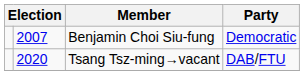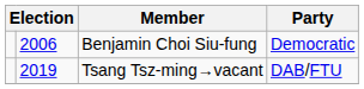 <table class="wikitable">
 <tr>
 <th colspan="2">Election</th>
 <th>Member</th>
 <th>Party</th>
 </tr>
 <tr>
 <td style="background-color: "></td>
-<td><a href='#'>2007</a></td>
+<td><a href='#'>2006</a></td>
 <td>Benjamin Choi Siu-fung</td>
 <td><a href='#'>Democratic</a></td>
 </tr>
 <tr>
 <td style="background-color: "></td>
-<td><a href='#'>2020</a></td>
+<td><a href='#'>2019</a></td>
 <td>Tsang Tsz-ming→vacant</td>
 <td><a href='#'>DAB</a>/<a href='#'>FTU</a></td>
 </tr>
 <tr>
 </tr>
 </table>
